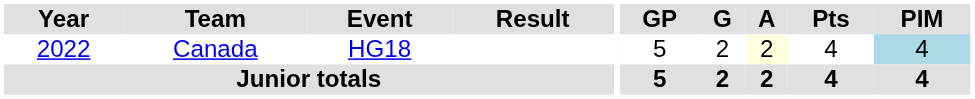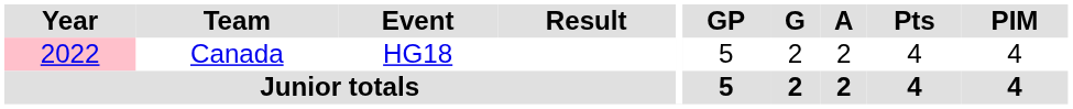 <table border="0" cellpadding="1" cellspacing="0" ID="Table3" style="text-align:center; width:40em;">
 <tr bgcolor="#e0e0e0">
 <th>Year</th>
 <th>Team</th>
 <th>Event</th>
 <th>Result</th>
 <th rowspan="98" bgcolor="#ffffff"></th>
 <th>GP</th>
 <th>G</th>
 <th>A</th>
 <th>Pts</th>
 <th>PIM</th>
 </tr>
 <tr>
-<td><a href='#'>2022</a></td>
+<td style="background: pink;"><a href='#'>2022</a></td>
 <td><a href='#'>Canada</a></td>
 <td><a href='#'>HG18</a></td>
 <td></td>
 <td>5</td>
 <td>2</td>
-<td style="background: lightyellow;">2</td>
+<td>2</td>
 <td>4</td>
-<td style="background: lightblue;">4</td>
+<td>4</td>
 </tr>
 <tr bgcolor="#e0e0e0">
 <th colspan="4">Junior totals</th>
 <th>5</th>
 <th>2</th>
 <th>2</th>
 <th>4</th>
 <th>4</th>
 </tr>
 </table>
